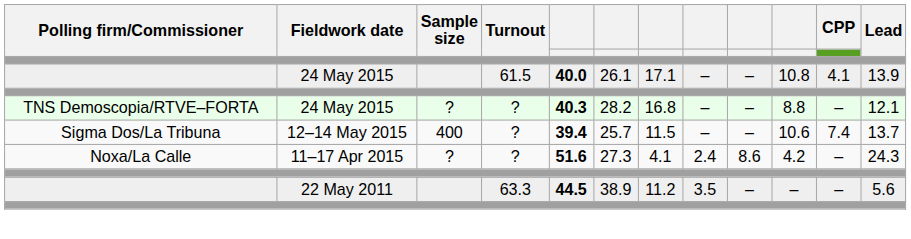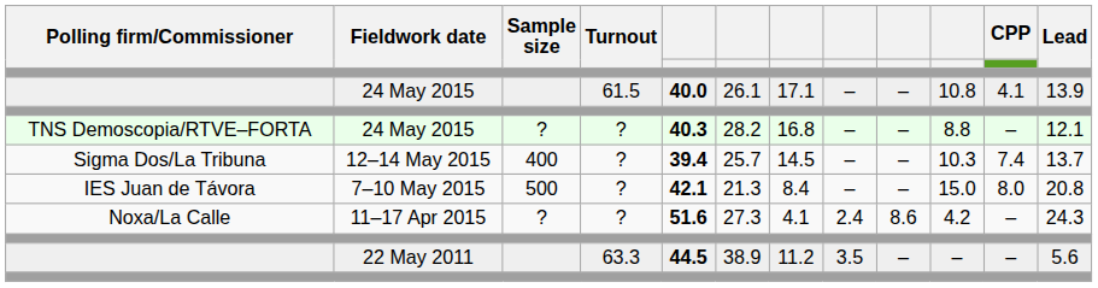 <table class="wikitable collapsible collapsed" style="text-align:center; font-size:95%; line-height:16px;">
 <tr style="height:42px;">
 <th style="width:250px;" rowspan="2">Polling firm/Commissioner</th>
 <th style="width:125px;" rowspan="2">Fieldwork date</th>
 <th style="width:50px;" rowspan="2">Sample size</th>
 <th style="width:45px;" rowspan="2">Turnout</th>
 <th style="width:35px;"></th>
 <th style="width:35px;"></th>
 <th style="width:35px;"></th>
 <th style="width:35px;"></th>
 <th style="width:35px;"></th>
 <th style="width:35px;"></th>
 <th style="width:35px;">CPP</th>
 <th style="width:30px;" rowspan="2">Lead</th>
 </tr>
 <tr>
 <th style="color:inherit;background:"></th>
 <th style="color:inherit;background:"></th>
 <th style="color:inherit;background:"></th>
 <th style="color:inherit;background:"></th>
 <th style="color:inherit;background:"></th>
 <th style="color:inherit;background:"></th>
 <th style="color:inherit;background:#579F20;"></th>
 </tr>
 <tr>
 <td colspan="12" style="background:#A0A0A0"></td>
 </tr>
 <tr style="background:#EFEFEF;">
 <td><strong></strong></td>
 <td>24 May 2015</td>
 <td></td>
 <td>61.5</td>
 <td><strong>40.0</strong><br></td>
 <td>26.1<br></td>
 <td>17.1<br></td>
 <td>–</td>
 <td>–</td>
 <td>10.8<br></td>
 <td>4.1<br></td>
 <td style="background:">13.9</td>
 </tr>
 <tr>
 <td colspan="12" style="background:#A0A0A0"></td>
 </tr>
 <tr style="background:#EAFFEA;">
 <td>TNS Demoscopia/RTVE–FORTA</td>
 <td>24 May 2015</td>
 <td>?</td>
 <td>?</td>
 <td><strong>40.3</strong><br></td>
 <td>28.2<br></td>
 <td>16.8<br></td>
 <td>–</td>
 <td>–</td>
 <td>8.8<br></td>
 <td>–</td>
 <td style="background:">12.1</td>
 </tr>
 <tr>
 <td>Sigma Dos/La Tribuna</td>
 <td>12–14 May 2015</td>
 <td>400</td>
 <td>?</td>
 <td><strong>39.4</strong><br></td>
 <td>25.7<br></td>
-<td>11.5<br></td>
+<td>14.5<br></td>
 <td>–</td>
 <td>–</td>
-<td>10.6<br></td>
+<td>10.3<br></td>
 <td>7.4<br></td>
 <td style="background:">13.7</td>
+</tr>
+<tr>
+<td>IES Juan de Távora</td>
+<td>7–10 May 2015</td>
+<td>500</td>
+<td>?</td>
+<td><strong>42.1</strong><br></td>
+<td>21.3<br></td>
+<td>8.4<br></td>
+<td>–</td>
+<td>–</td>
+<td>15.0<br></td>
+<td>8.0<br></td>
+<td style="background:">20.8</td>
 </tr>
 <tr>
 <td>Noxa/La Calle</td>
 <td>11–17 Apr 2015</td>
 <td>?</td>
 <td>?</td>
 <td><strong>51.6</strong></td>
 <td>27.3</td>
 <td>4.1</td>
 <td>2.4</td>
 <td>8.6</td>
 <td>4.2</td>
 <td>–</td>
 <td style="background:">24.3</td>
 </tr>
 <tr>
 <td colspan="12" style="background:#A0A0A0"></td>
 </tr>
 <tr style="background:#EFEFEF;">
 <td><strong></strong></td>
 <td>22 May 2011</td>
 <td></td>
 <td>63.3</td>
 <td><strong>44.5</strong><br></td>
 <td>38.9<br></td>
 <td>11.2<br></td>
 <td>3.5<br></td>
 <td>–</td>
 <td>–</td>
 <td>–</td>
 <td style="background:">5.6</td>
 </tr>
 <tr>
 <td colspan="12" style="background:#A0A0A0"></td>
 </tr>
 </table>
